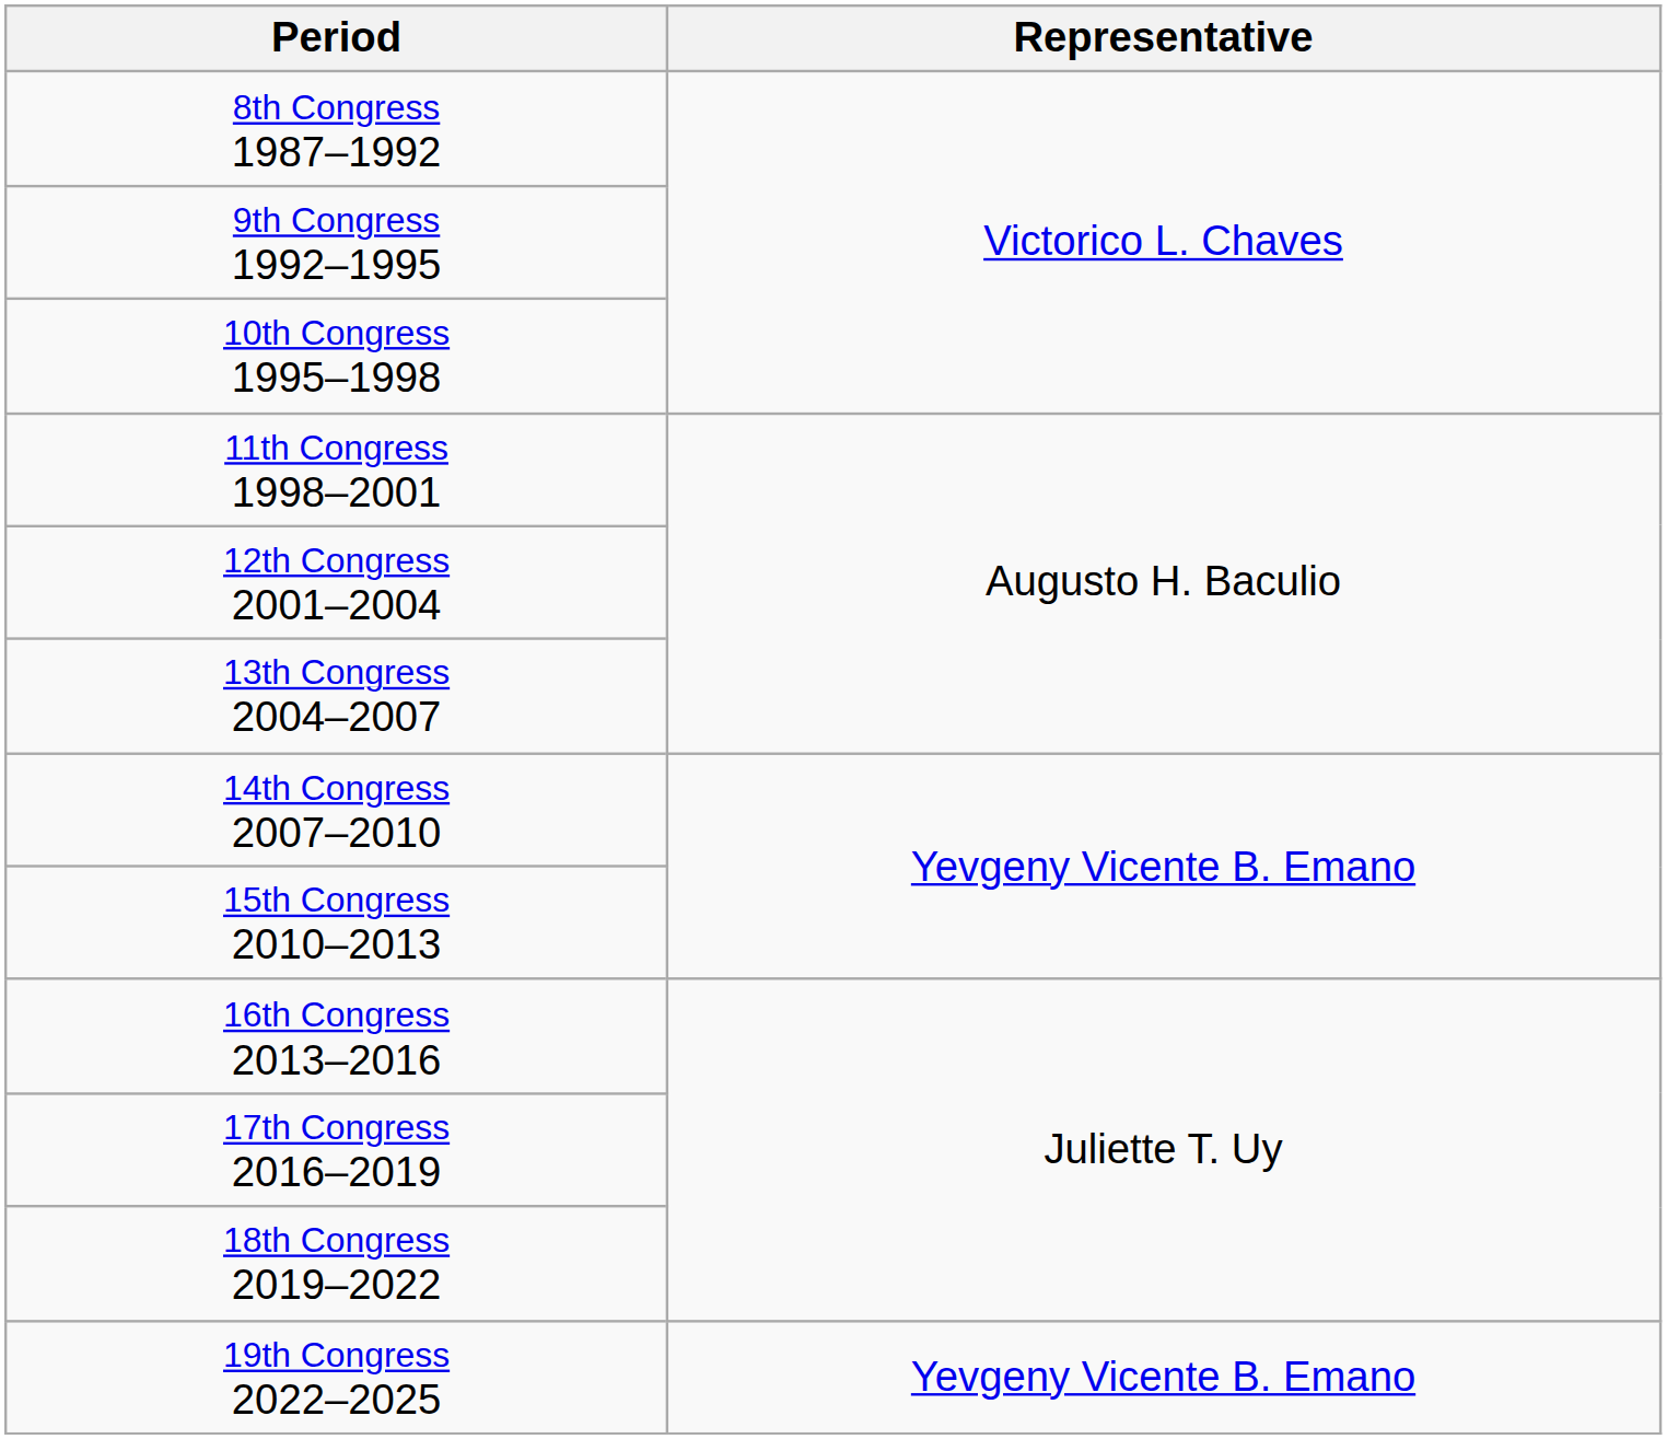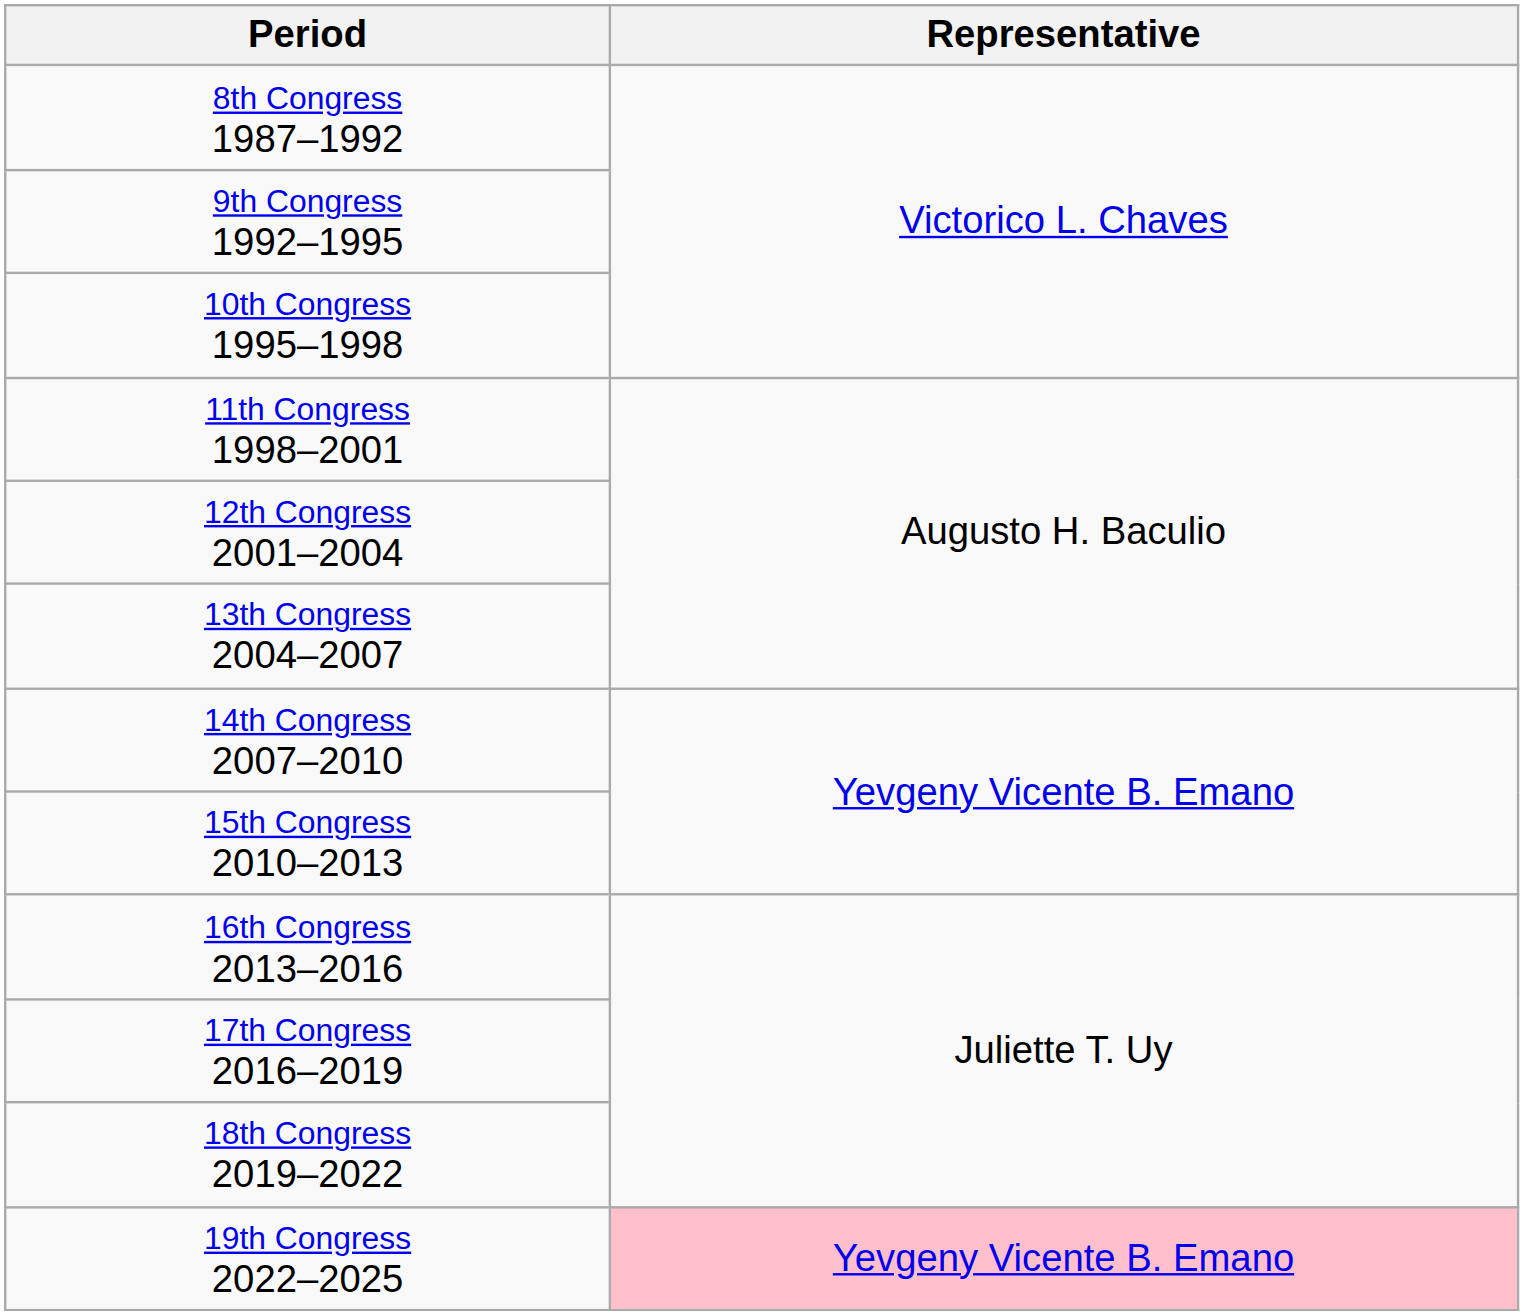 <table class="wikitable" style="text-align:center; width:40%;">
 <tr>
 <th width="40%">Period</th>
 <th>Representative</th>
 </tr>
 <tr>
 <td><small><a href='#'>8th Congress</a></small><br>1987–1992</td>
 <td rowspan="3"><a href='#'>Victorico L. Chaves</a></td>
 </tr>
 <tr>
 <td><small><a href='#'>9th Congress</a></small><br>1992–1995</td>
 </tr>
 <tr>
 <td><small><a href='#'>10th Congress</a></small><br>1995–1998</td>
 </tr>
 <tr>
 <td><small><a href='#'>11th Congress</a></small><br>1998–2001</td>
 <td rowspan="3">Augusto H. Baculio</td>
 </tr>
 <tr>
 <td><small><a href='#'>12th Congress</a></small><br>2001–2004</td>
 </tr>
 <tr>
 <td><small><a href='#'>13th Congress</a></small><br>2004–2007</td>
 </tr>
 <tr>
 <td><small><a href='#'>14th Congress</a></small><br>2007–2010</td>
 <td rowspan="2"><a href='#'>Yevgeny Vicente B. Emano</a></td>
 </tr>
 <tr>
 <td><small><a href='#'>15th Congress</a></small><br>2010–2013</td>
 </tr>
 <tr>
 <td><small><a href='#'>16th Congress</a></small><br>2013–2016</td>
 <td rowspan="3">Juliette T. Uy</td>
 </tr>
 <tr>
 <td><small><a href='#'>17th Congress</a></small><br>2016–2019</td>
 </tr>
 <tr>
 <td><small><a href='#'>18th Congress</a></small><br>2019–2022</td>
 </tr>
 <tr>
 <td><small><a href='#'>19th Congress</a></small><br>2022–2025</td>
-<td><a href='#'>Yevgeny Vicente B. Emano</a></td>
+<td style="background: pink;"><a href='#'>Yevgeny Vicente B. Emano</a></td>
 </tr>
 </table>
